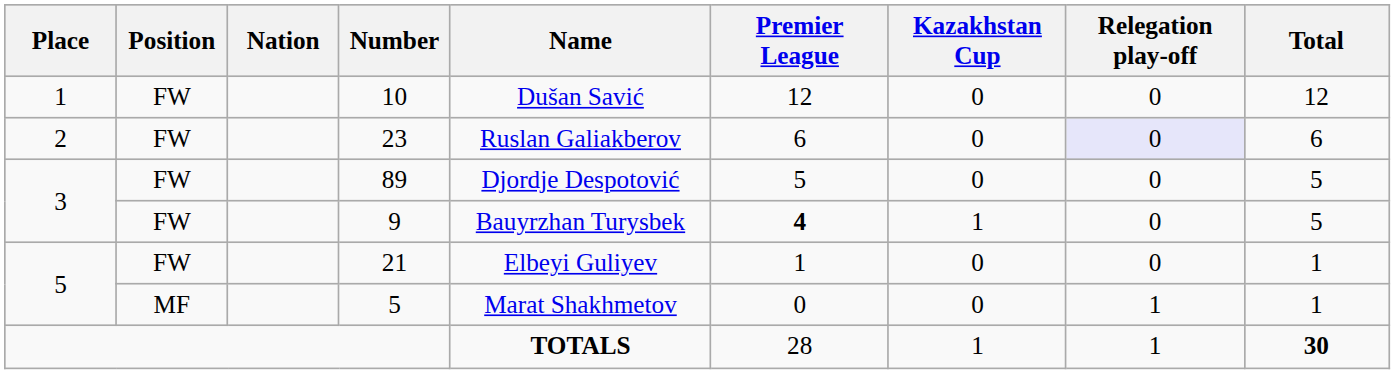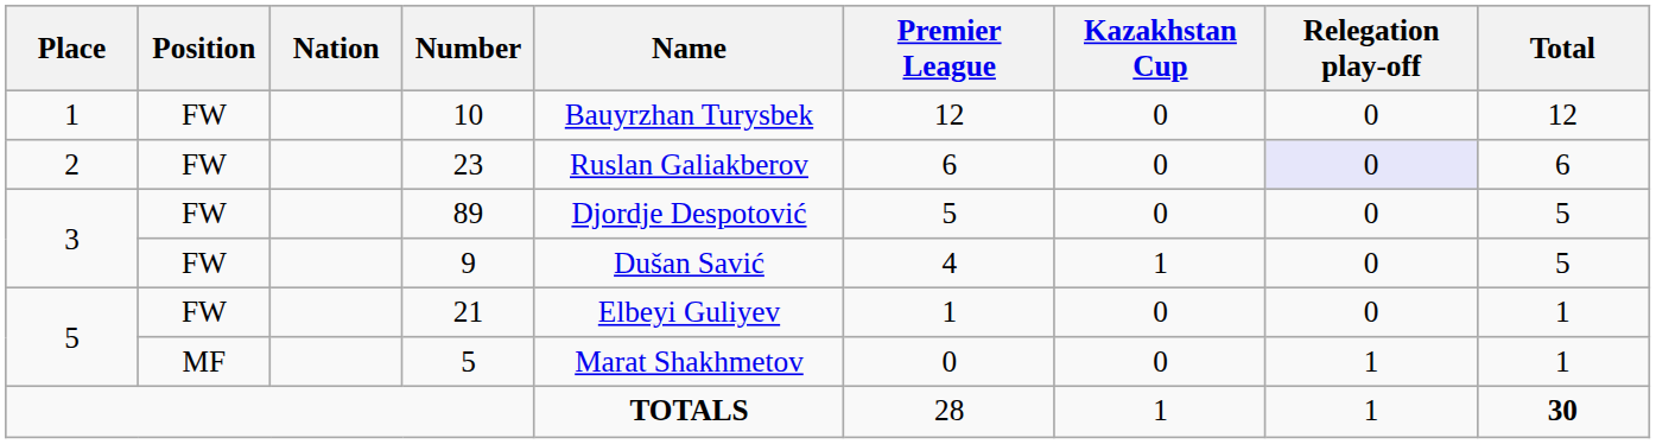 <table class="wikitable" style="font-size: 95%; text-align: center;">
 <tr>
 <th width=60>Place</th>
 <th width=60>Position</th>
 <th width=60>Nation</th>
 <th width=60>Number</th>
 <th width=150>Name</th>
 <th width=100><a href='#'>Premier League</a></th>
 <th width=100><a href='#'>Kazakhstan Cup</a></th>
 <th width=100>Relegation play-off</th>
 <th width=80><strong>Total</strong></th>
 </tr>
 <tr>
 <td>1</td>
 <td>FW</td>
 <td></td>
 <td>10</td>
-<td><a href='#'>Dušan Savić</a></td>
+<td><a href='#'>Bauyrzhan Turysbek</a></td>
 <td>12</td>
 <td>0</td>
 <td>0</td>
 <td>12</td>
 </tr>
 <tr>
 <td>2</td>
 <td>FW</td>
 <td></td>
 <td>23</td>
 <td><a href='#'>Ruslan Galiakberov</a></td>
 <td>6</td>
 <td>0</td>
 <td style="background: lavender;">0</td>
 <td>6</td>
 </tr>
 <tr>
 <td rowspan="2">3</td>
 <td>FW</td>
 <td></td>
 <td>89</td>
 <td><a href='#'>Djordje Despotović</a></td>
 <td>5</td>
 <td>0</td>
 <td>0</td>
 <td>5</td>
 </tr>
 <tr>
 <td>FW</td>
 <td></td>
 <td>9</td>
-<td><a href='#'>Bauyrzhan Turysbek</a></td>
-<td><strong>4</strong></td>
+<td><a href='#'>Dušan Savić</a></td>
+<td>4</td>
 <td>1</td>
 <td>0</td>
 <td>5</td>
 </tr>
 <tr>
 <td rowspan="2">5</td>
 <td>FW</td>
 <td></td>
 <td>21</td>
 <td><a href='#'>Elbeyi Guliyev</a></td>
 <td>1</td>
 <td>0</td>
 <td>0</td>
 <td>1</td>
 </tr>
 <tr>
 <td>MF</td>
 <td></td>
 <td>5</td>
 <td><a href='#'>Marat Shakhmetov</a></td>
 <td>0</td>
 <td>0</td>
 <td>1</td>
 <td>1</td>
 </tr>
 <tr>
 <td colspan="4"></td>
 <td><strong>TOTALS</strong></td>
 <td>28</td>
 <td>1</td>
 <td>1</td>
 <td><strong>30</strong></td>
 </tr>
 </table>
